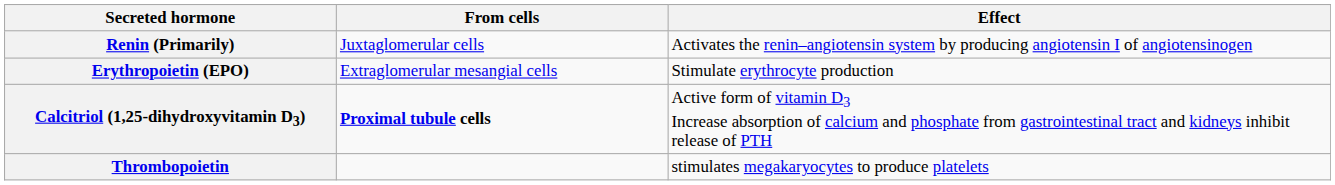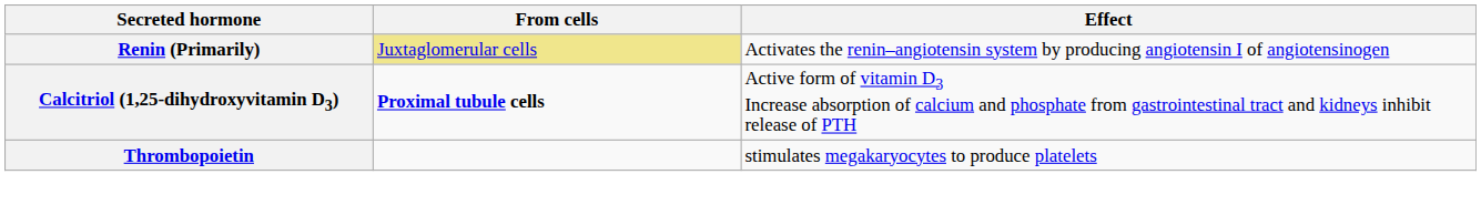 <table class="wikitable" width=100%>
 <tr>
 <th width=25%>Secreted hormone</th>
 <th width=25%>From cells</th>
 <th>Effect</th>
 </tr>
 <tr>
 <th><a href='#'>Renin</a> (Primarily)</th>
-<td><a href='#'>Juxtaglomerular cells</a></td>
+<td style="background: khaki;"><a href='#'>Juxtaglomerular cells</a></td>
 <td>Activates the <a href='#'>renin–angiotensin system</a> by producing <a href='#'>angiotensin I</a> of <a href='#'>angiotensinogen</a></td>
-</tr>
-<tr>
-<th><a href='#'>Erythropoietin</a> (EPO)</th>
-<td><a href='#'>Extraglomerular mesangial cells</a></td>
-<td>Stimulate <a href='#'>erythrocyte</a> production</td>
 </tr>
 <tr>
 <th><a href='#'>Calcitriol</a> (1,25-dihydroxyvitamin D<sub>3</sub>)</th>
 <td><strong><a href='#'>Proximal tubule</a> cells</strong></td>
 <td>Active form of <a href='#'>vitamin D<sub>3</sub></a><br>Increase absorption of <a href='#'>calcium</a> and <a href='#'>phosphate</a> from <a href='#'>gastrointestinal tract</a> and <a href='#'>kidneys</a> inhibit release of <a href='#'>PTH</a></td>
 </tr>
 <tr>
 <th><a href='#'>Thrombopoietin</a></th>
 <td></td>
 <td>stimulates <a href='#'>megakaryocytes</a> to produce <a href='#'>platelets</a></td>
 </tr>
 </table>
